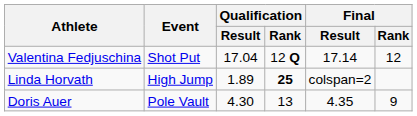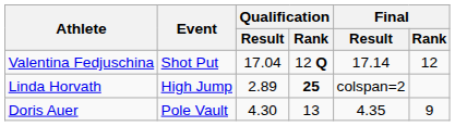 <table class=wikitable style=font-size:90%;text-align:center>
 <tr>
 <th rowspan=2>Athlete</th>
 <th rowspan=2>Event</th>
 <th colspan=2>Qualification</th>
 <th colspan=2>Final</th>
 </tr>
 <tr style=font-size:95%>
 <th>Result</th>
 <th>Rank</th>
 <th>Result</th>
 <th>Rank</th>
 </tr>
 <tr>
 <td align=left><a href='#'>Valentina Fedjuschina</a></td>
 <td align=left><a href='#'>Shot Put</a></td>
 <td>17.04</td>
 <td>12 <strong>Q</strong></td>
 <td>17.14</td>
 <td>12</td>
 </tr>
 <tr>
 <td align=left><a href='#'>Linda Horvath</a></td>
 <td align=left><a href='#'>High Jump</a></td>
-<td>1.89</td>
+<td>2.89</td>
 <td><strong>25</strong></td>
 <td>colspan=2 </td>
 </tr>
 <tr>
 <td align=left><a href='#'>Doris Auer</a></td>
 <td align=left><a href='#'>Pole Vault</a></td>
 <td>4.30</td>
 <td>13</td>
 <td>4.35</td>
 <td>9</td>
 </tr>
 </table>
